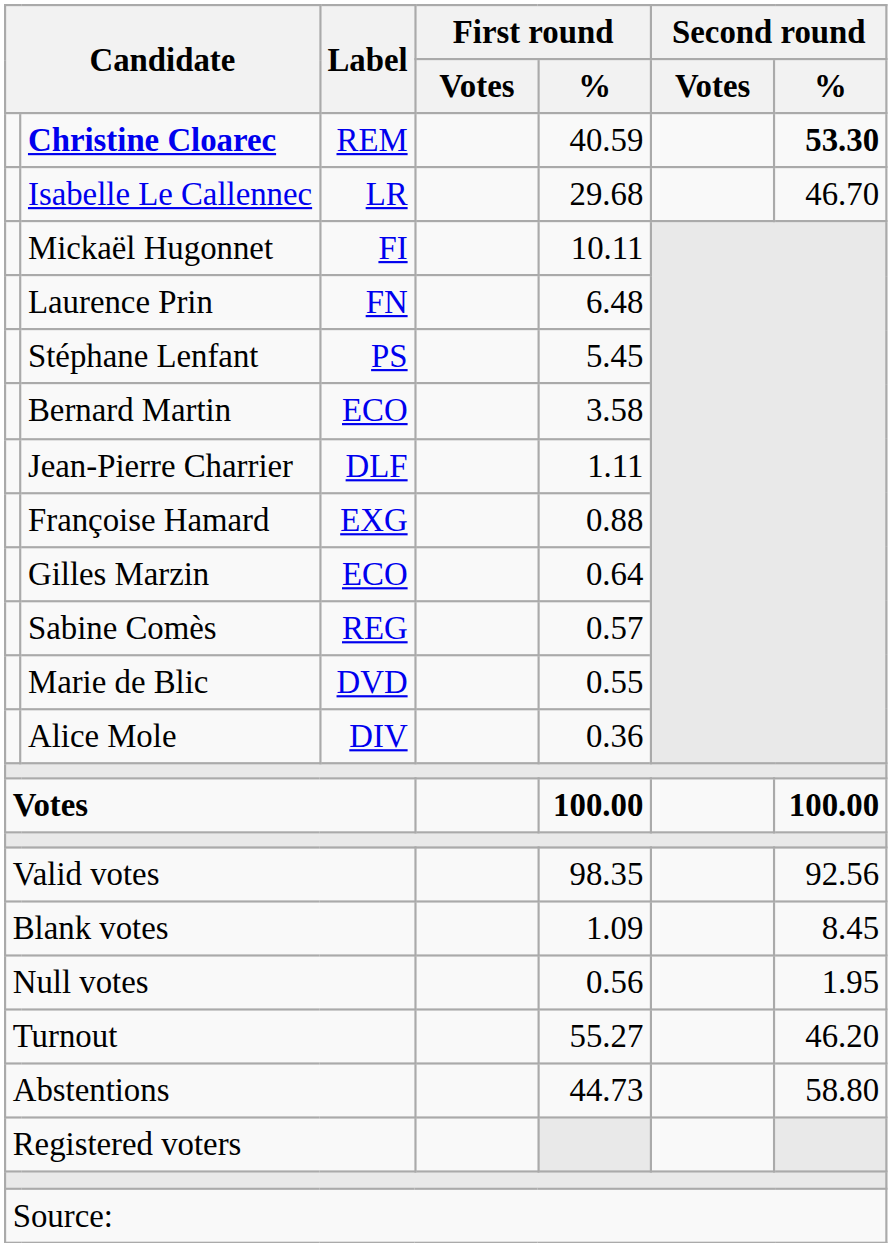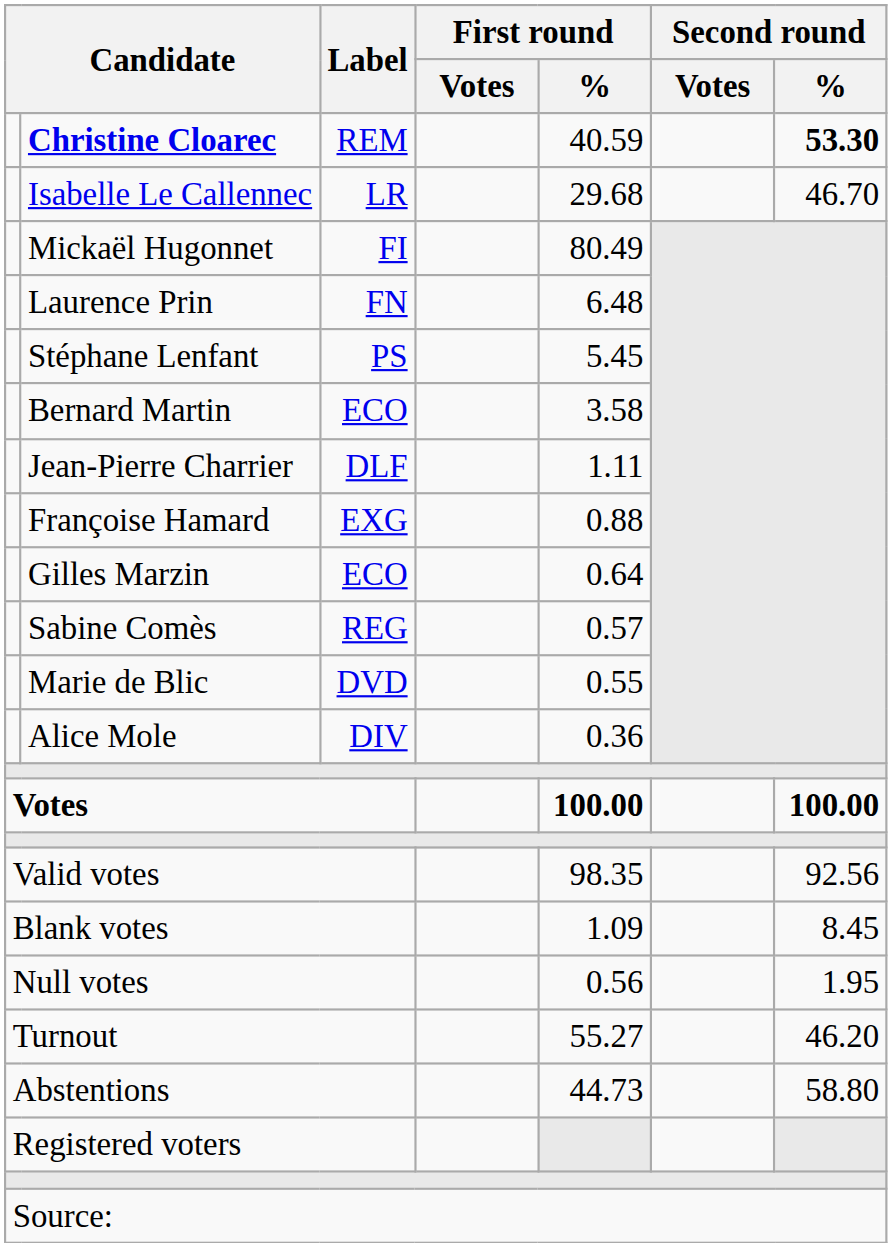 <table class="wikitable" style="text-align:right;font-size:95%;">
 <tr>
 <th rowspan="2" colspan="2">Candidate</th>
 <th rowspan="2">Label</th>
 <th colspan="2">First round</th>
 <th colspan="2">Second round</th>
 </tr>
 <tr>
 <th style="width:50px;">Votes</th>
 <th style="width:45px;">%</th>
 <th style="width:50px;">Votes</th>
 <th style="width:45px;">%</th>
 </tr>
 <tr>
 <td style="color:inherit;background:"></td>
 <td style="text-align:left;"><strong><a href='#'>Christine Cloarec</a></strong></td>
 <td><a href='#'>REM</a></td>
 <td></td>
 <td>40.59</td>
 <td><strong></strong></td>
 <td><strong>53.30</strong></td>
 </tr>
 <tr>
 <td style="color:inherit;background:"></td>
 <td style="text-align:left;"><a href='#'>Isabelle Le Callennec</a></td>
 <td><a href='#'>LR</a></td>
 <td></td>
 <td>29.68</td>
 <td></td>
 <td>46.70</td>
 </tr>
 <tr>
 <td style="color:inherit;background:"></td>
 <td style="text-align:left;">Mickaël Hugonnet</td>
 <td><a href='#'>FI</a></td>
 <td></td>
-<td>10.11</td>
+<td>80.49</td>
 <td colspan="2" rowspan="10" style="background:#E9E9E9;"></td>
 </tr>
 <tr>
 <td style="color:inherit;background:"></td>
 <td style="text-align:left;">Laurence Prin</td>
 <td><a href='#'>FN</a></td>
 <td></td>
 <td>6.48</td>
 </tr>
 <tr>
 <td style="color:inherit;background:"></td>
 <td style="text-align:left;">Stéphane Lenfant</td>
 <td><a href='#'>PS</a></td>
 <td></td>
 <td>5.45</td>
 </tr>
 <tr>
 <td style="color:inherit;background:"></td>
 <td style="text-align:left;">Bernard Martin</td>
 <td><a href='#'>ECO</a></td>
 <td></td>
 <td>3.58</td>
 </tr>
 <tr>
 <td style="color:inherit;background:"></td>
 <td style="text-align:left;">Jean-Pierre Charrier</td>
 <td><a href='#'>DLF</a></td>
 <td></td>
 <td>1.11</td>
 </tr>
 <tr>
 <td style="color:inherit;background:"></td>
 <td style="text-align:left;">Françoise Hamard</td>
 <td><a href='#'>EXG</a></td>
 <td></td>
 <td>0.88</td>
 </tr>
 <tr>
 <td style="color:inherit;background:"></td>
 <td style="text-align:left;">Gilles Marzin</td>
 <td><a href='#'>ECO</a></td>
 <td></td>
 <td>0.64</td>
 </tr>
 <tr>
 <td style="color:inherit;background:"></td>
 <td style="text-align:left;">Sabine Comès</td>
 <td><a href='#'>REG</a></td>
 <td></td>
 <td>0.57</td>
 </tr>
 <tr>
 <td style="color:inherit;background:"></td>
 <td style="text-align:left;">Marie de Blic</td>
 <td><a href='#'>DVD</a></td>
 <td></td>
 <td>0.55</td>
 </tr>
 <tr>
 <td style="color:inherit;background:"></td>
 <td style="text-align:left;">Alice Mole</td>
 <td><a href='#'>DIV</a></td>
 <td></td>
 <td>0.36</td>
 </tr>
 <tr>
 <td colspan="7" style="background:#E9E9E9;"></td>
 </tr>
 <tr style="font-weight:bold;">
 <td colspan="3" style="text-align:left;">Votes</td>
 <td></td>
 <td>100.00</td>
 <td></td>
 <td>100.00</td>
 </tr>
 <tr>
 <td colspan="7" style="background:#E9E9E9;"></td>
 </tr>
 <tr>
 <td colspan="3" style="text-align:left;">Valid votes</td>
 <td></td>
 <td>98.35</td>
 <td></td>
 <td>92.56</td>
 </tr>
 <tr>
 <td colspan="3" style="text-align:left;">Blank votes</td>
 <td></td>
 <td>1.09</td>
 <td></td>
 <td>8.45</td>
 </tr>
 <tr>
 <td colspan="3" style="text-align:left;">Null votes</td>
 <td></td>
 <td>0.56</td>
 <td></td>
 <td>1.95</td>
 </tr>
 <tr>
 <td colspan="3" style="text-align:left;">Turnout</td>
 <td></td>
 <td>55.27</td>
 <td></td>
 <td>46.20</td>
 </tr>
 <tr>
 <td colspan="3" style="text-align:left;">Abstentions</td>
 <td></td>
 <td>44.73</td>
 <td></td>
 <td>58.80</td>
 </tr>
 <tr>
 <td colspan="3" style="text-align:left;">Registered voters</td>
 <td></td>
 <td style="color:inherit;background:#E9E9E9;"></td>
 <td></td>
 <td style="color:inherit;background:#E9E9E9;"></td>
 </tr>
 <tr>
 <td colspan="7" style="background:#E9E9E9;"></td>
 </tr>
 <tr>
 <td colspan="7" style="text-align:left;">Source: </td>
 </tr>
 </table>
